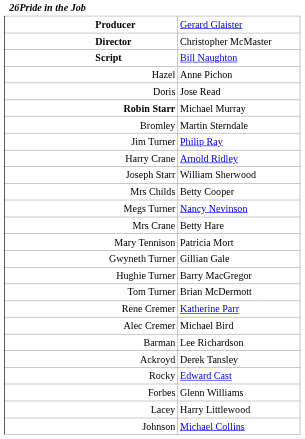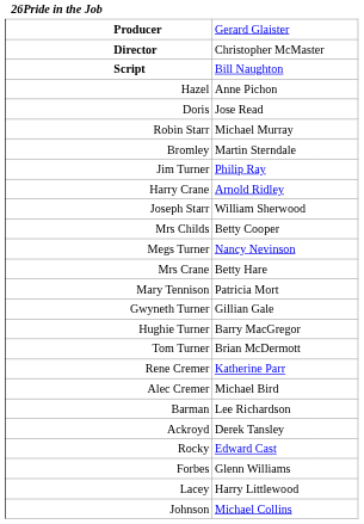 <table class="wikitable mw-collapsible mw-collapsed" style="vertical-align:top;margin:auto 2em;line-height:1.2;min-width:33em;display: inline-table;background-color:inherit;border:none;">
 <tr>
 <td class=unsortable style="border:hidden;line-height:1.67;text-align:center;margin-left:-1em;padding-left:0.5em;min-width:1.0em;"></td>
 <td class=unsortable style="border:none;padding-left:0.5em;text-align:left;min-width:16.5em;font-weight:700;font-style:italic;">26Pride in the Job</td>
 <td class=unsortable style="border:none;text-align:right;font-weight:normal;font-family:Courier;font-size:95%;letter-spacing:-1pt;min-width:8.5em;padding-right:0.2em;"></td>
 <td class=unsortable style="border:hidden;min-width:3.5em;padding-left:0;"></td>
 <td class=unsortable style="border:hidden;min-width:3.5em;font-size:95%;"></td>
 </tr>
 <tr>
 <td rowspan=100 style="border:none thin;border-right-style :solid;"></td>
 </tr>
 <tr>
 <td style="text-align:left;padding-left:9.0em;font-weight:bold;">Producer</td>
 <td colspan=2><a href='#'>Gerard Glaister</a></td>
 </tr>
 <tr>
 <td style="text-align:left;padding-left:9.0em;font-weight:bold;">Director</td>
 <td colspan=2>Christopher McMaster</td>
 </tr>
 <tr>
 <td style="text-align:left;padding-left:9.0em;font-weight:bold;">Script</td>
 <td colspan=2><a href='#'>Bill Naughton</a></td>
 </tr>
 <tr>
 <td style="text-align:right;">Hazel</td>
 <td colspan=2>Anne Pichon</td>
 </tr>
 <tr>
 <td style="text-align:right;">Doris</td>
 <td colspan=2>Jose Read</td>
 </tr>
 <tr>
-<td style="text-align:right;"><strong>Robin Starr</strong></td>
+<td style="text-align:right;">Robin Starr</td>
 <td colspan=2>Michael Murray</td>
 </tr>
 <tr>
 <td style="text-align:right;">Bromley</td>
 <td colspan=2>Martin Sterndale</td>
 </tr>
 <tr>
 <td style="text-align:right;">Jim Turner</td>
 <td colspan=2><a href='#'>Philip Ray</a></td>
 </tr>
 <tr>
 <td style="text-align:right;">Harry Crane</td>
 <td colspan=2><a href='#'>Arnold Ridley</a></td>
 </tr>
 <tr>
 <td style="text-align:right;">Joseph Starr</td>
 <td colspan=2>William Sherwood</td>
 </tr>
 <tr>
 <td style="text-align:right;">Mrs Childs</td>
 <td colspan=2>Betty Cooper</td>
 </tr>
 <tr>
 <td style="text-align:right;">Megs Turner</td>
 <td colspan=2><a href='#'>Nancy Nevinson</a></td>
 </tr>
 <tr>
 <td style="text-align:right;">Mrs Crane</td>
 <td colspan=2>Betty Hare</td>
 </tr>
 <tr>
 <td style="text-align:right;">Mary Tennison</td>
 <td colspan=2>Patricia Mort</td>
 </tr>
 <tr>
 <td style="text-align:right;">Gwyneth Turner</td>
 <td colspan=2>Gillian Gale</td>
 </tr>
 <tr>
 <td style="text-align:right;">Hughie Turner</td>
 <td colspan=2>Barry MacGregor</td>
 </tr>
 <tr>
 <td style="text-align:right;">Tom Turner</td>
 <td colspan=2>Brian McDermott</td>
 </tr>
 <tr>
 <td style="text-align:right;">Rene Cremer</td>
 <td colspan=2><a href='#'>Katherine Parr</a></td>
 </tr>
 <tr>
 <td style="text-align:right;">Alec Cremer</td>
 <td colspan=2>Michael Bird</td>
 </tr>
 <tr>
 <td style="text-align:right;">Barman</td>
 <td colspan=2>Lee Richardson</td>
 </tr>
 <tr>
 <td style="text-align:right;">Ackroyd</td>
 <td colspan=2>Derek Tansley</td>
 </tr>
 <tr>
 <td style="text-align:right;">Rocky</td>
 <td colspan=2><a href='#'>Edward Cast</a></td>
 </tr>
 <tr>
 <td style="text-align:right;">Forbes</td>
 <td colspan=2>Glenn Williams</td>
 </tr>
 <tr>
 <td style="text-align:right;">Lacey</td>
 <td colspan=2>Harry Littlewood</td>
 </tr>
 <tr>
 <td style="text-align:right;">Johnson</td>
 <td colspan=2><a href='#'>Michael Collins</a></td>
 </tr>
 </table>
